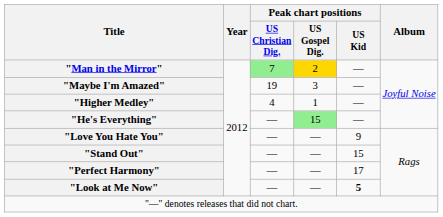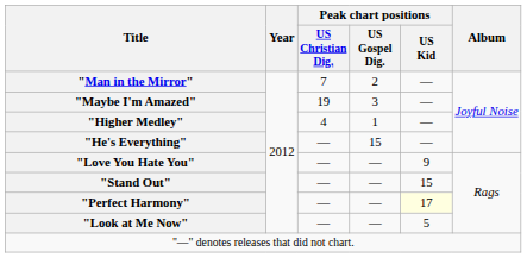 <table class="wikitable plainrowheaders" style="text-align:center;">
 <tr>
 <th scope="col" rowspan="2" style="width:20em;">Title</th>
 <th scope="col" rowspan="2">Year</th>
 <th scope="col" colspan="3">Peak chart positions</th>
 <th scope="col" rowspan="2">Album</th>
 </tr>
 <tr>
 <th scope="col" style="width:4em;font-size:90%;"><a href='#'>US<br>Christian Dig.</a><br></th>
 <th scope="col" style="width:4em;font-size:90%;">US<br>Gospel Dig.<br></th>
 <th scope="col" style="width:4em;font-size:90%;">US<br>Kid<br></th>
 </tr>
 <tr>
 <th scope="row">"<a href='#'>Man in the Mirror</a>"</th>
 <td rowspan="8">2012</td>
-<td style="background: lightgreen;">7</td>
-<td style="background: gold;">2</td>
+<td>7</td>
+<td>2</td>
 <td>—</td>
 <td rowspan="4"><em><a href='#'>Joyful Noise</a></em></td>
 </tr>
 <tr>
 <th scope="row">"Maybe I'm Amazed"<br></th>
 <td>19</td>
 <td>3</td>
 <td>—</td>
 </tr>
 <tr>
 <th scope="row">"Higher Medley"<br></th>
 <td>4</td>
 <td>1</td>
 <td>—</td>
 </tr>
 <tr>
 <th scope="row">"He's Everything"<br></th>
 <td>—</td>
-<td style="background: lightgreen;">15</td>
+<td>15</td>
 <td>—</td>
 </tr>
 <tr>
 <th scope="row">"Love You Hate You"<br></th>
 <td>—</td>
 <td>—</td>
 <td>9</td>
 <td rowspan="4"><em>Rags</em></td>
 </tr>
 <tr>
 <th scope="row">"Stand Out"<br></th>
 <td>—</td>
 <td>—</td>
 <td>15</td>
 </tr>
 <tr>
 <th scope="row">"Perfect Harmony"<br></th>
 <td>—</td>
 <td>—</td>
-<td>17</td>
+<td style="background: lightyellow;">17</td>
 </tr>
 <tr>
 <th scope="row">"Look at Me Now"<br></th>
 <td>—</td>
 <td>—</td>
-<td><strong>5</strong></td>
+<td>5</td>
 </tr>
 <tr>
 <td colspan="6" style="text-align:center; font-size:90%;">"—" denotes releases that did not chart.</td>
 </tr>
 </table>
